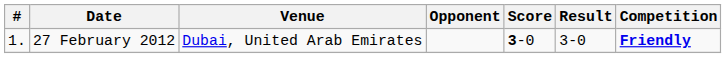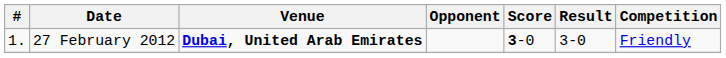 <table class="wikitable">
 <tr>
 <th>#</th>
 <th>Date</th>
 <th>Venue</th>
 <th>Opponent</th>
 <th>Score</th>
 <th>Result</th>
 <th>Competition</th>
 </tr>
 <tr>
 <td>1.</td>
 <td>27 February 2012</td>
-<td><a href='#'>Dubai</a>, United Arab Emirates</td>
+<td><strong><a href='#'>Dubai</a>, United Arab Emirates</strong></td>
 <td></td>
 <td><strong>3</strong>-0</td>
 <td>3-0</td>
-<td><strong><a href='#'>Friendly</a></strong></td>
+<td><a href='#'>Friendly</a></td>
 </tr>
 <tr>
 </tr>
 </table>
